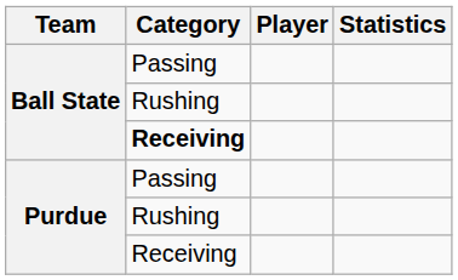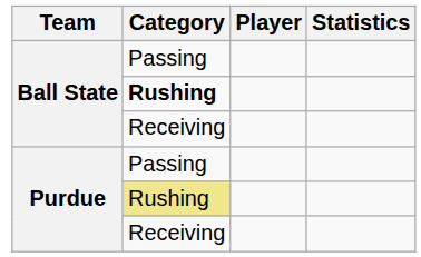 <table class="wikitable" style="float:right">
 <tr>
 <th>Team</th>
 <th>Category</th>
 <th>Player</th>
 <th>Statistics</th>
 </tr>
 <tr>
 <th rowspan=3>Ball State</th>
 <td>Passing</td>
 <td></td>
 <td></td>
 </tr>
 <tr>
-<td>Rushing</td>
+<td><strong>Rushing</strong></td>
 <td></td>
 <td></td>
 </tr>
 <tr>
-<td><strong>Receiving</strong></td>
+<td>Receiving</td>
 <td></td>
 <td></td>
 </tr>
 <tr>
 <th rowspan=3>Purdue</th>
 <td>Passing</td>
 <td></td>
 <td></td>
 </tr>
 <tr>
-<td>Rushing</td>
+<td style="background: khaki;">Rushing</td>
 <td></td>
 <td></td>
 </tr>
 <tr>
 <td>Receiving</td>
 <td></td>
 <td></td>
 </tr>
 </table>
